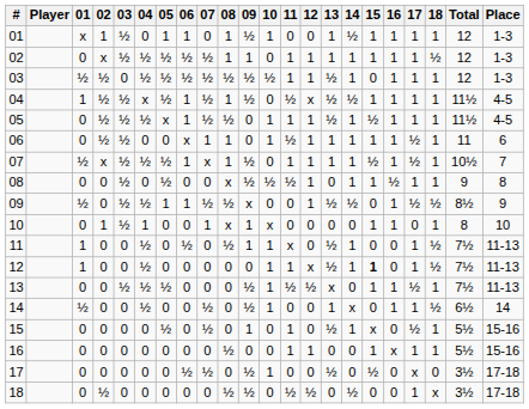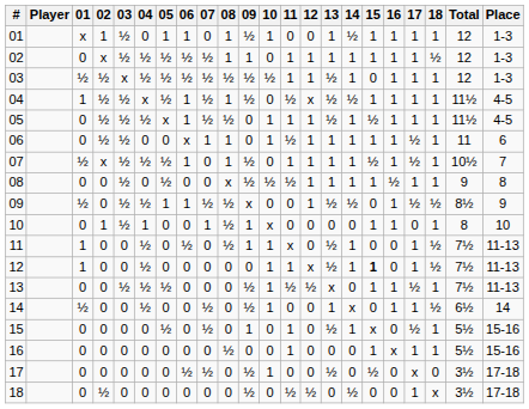 <table class="wikitable" style="text-align: center; margin: auto auto">
 <tr>
 <th>#</th>
 <th>Player</th>
 <th>01</th>
 <th>02</th>
 <th>03</th>
 <th>04</th>
 <th>05</th>
 <th>06</th>
 <th>07</th>
 <th>08</th>
 <th>09</th>
 <th>10</th>
 <th>11</th>
 <th>12</th>
 <th>13</th>
 <th>14</th>
 <th>15</th>
 <th>16</th>
 <th>17</th>
 <th>18</th>
 <th>Total</th>
 <th>Place</th>
 </tr>
 <tr>
 <td>01</td>
 <td align=left></td>
 <td>x</td>
 <td>1</td>
 <td>½</td>
 <td>0</td>
 <td>1</td>
 <td>1</td>
 <td>0</td>
 <td>1</td>
 <td>½</td>
 <td>1</td>
 <td>0</td>
 <td>0</td>
 <td>1</td>
 <td>½</td>
 <td>1</td>
 <td>1</td>
 <td>1</td>
 <td>1</td>
 <td>12</td>
 <td>1-3</td>
 </tr>
 <tr>
 <td>02</td>
 <td align=left></td>
 <td>0</td>
 <td>x</td>
 <td>½</td>
 <td>½</td>
 <td>½</td>
 <td>½</td>
 <td>½</td>
 <td>1</td>
 <td>1</td>
 <td>0</td>
 <td>1</td>
 <td>1</td>
 <td>1</td>
 <td>1</td>
 <td>1</td>
 <td>1</td>
 <td>1</td>
 <td>½</td>
 <td>12</td>
 <td>1-3</td>
 </tr>
 <tr>
 <td>03</td>
 <td align=left></td>
 <td>½</td>
 <td>½</td>
-<td>0</td>
+<td>x</td>
 <td>½</td>
 <td>½</td>
 <td>½</td>
 <td>½</td>
 <td>½</td>
 <td>½</td>
 <td>½</td>
 <td>1</td>
 <td>1</td>
 <td>½</td>
 <td>1</td>
 <td>0</td>
 <td>1</td>
 <td>1</td>
 <td>1</td>
 <td>12</td>
 <td>1-3</td>
 </tr>
 <tr>
 <td>04</td>
 <td align=left></td>
 <td>1</td>
 <td>½</td>
 <td>½</td>
 <td>x</td>
 <td>½</td>
 <td>1</td>
 <td>½</td>
 <td>1</td>
 <td>½</td>
 <td>0</td>
 <td>½</td>
 <td>x</td>
 <td>½</td>
 <td>½</td>
 <td>1</td>
 <td>1</td>
 <td>1</td>
 <td>1</td>
 <td>11½</td>
 <td>4-5</td>
 </tr>
 <tr>
 <td>05</td>
 <td align=left></td>
 <td>0</td>
 <td>½</td>
 <td>½</td>
 <td>½</td>
 <td>x</td>
 <td>1</td>
 <td>½</td>
 <td>½</td>
 <td>0</td>
 <td>1</td>
 <td>1</td>
 <td>1</td>
 <td>½</td>
 <td>1</td>
 <td>½</td>
 <td>1</td>
 <td>1</td>
 <td>1</td>
 <td>11½</td>
 <td>4-5</td>
 </tr>
 <tr>
 <td>06</td>
 <td align=left></td>
 <td>0</td>
 <td>½</td>
 <td>½</td>
 <td>0</td>
 <td>0</td>
 <td>x</td>
 <td>1</td>
 <td>1</td>
 <td>0</td>
 <td>1</td>
 <td>½</td>
 <td>1</td>
 <td>1</td>
 <td>1</td>
 <td>1</td>
 <td>1</td>
 <td>½</td>
 <td>1</td>
 <td>11</td>
 <td>6</td>
 </tr>
 <tr>
 <td>07</td>
 <td align=left></td>
 <td>½</td>
 <td>x</td>
 <td>½</td>
 <td>½</td>
 <td>½</td>
 <td>1</td>
-<td>x</td>
+<td>0</td>
 <td>1</td>
 <td>½</td>
 <td>0</td>
 <td>1</td>
 <td>1</td>
 <td>1</td>
 <td>1</td>
 <td>½</td>
 <td>1</td>
 <td>½</td>
 <td>1</td>
 <td>10½</td>
 <td>7</td>
 </tr>
 <tr>
 <td>08</td>
 <td align=left></td>
 <td>0</td>
 <td>0</td>
 <td>½</td>
 <td>0</td>
 <td>½</td>
 <td>0</td>
 <td>0</td>
 <td>x</td>
 <td>½</td>
 <td>½</td>
 <td>½</td>
 <td>1</td>
-<td>0</td>
+<td>1</td>
 <td>1</td>
 <td>1</td>
 <td>½</td>
 <td>1</td>
 <td>1</td>
 <td>9</td>
 <td>8</td>
 </tr>
 <tr>
 <td>09</td>
 <td align=left></td>
 <td>½</td>
 <td>0</td>
 <td>½</td>
 <td>½</td>
 <td>1</td>
 <td>1</td>
 <td>½</td>
 <td>½</td>
 <td>x</td>
 <td>0</td>
 <td>0</td>
 <td>1</td>
 <td>½</td>
 <td>½</td>
 <td>0</td>
 <td>1</td>
 <td>½</td>
 <td>½</td>
 <td>8½</td>
 <td>9</td>
 </tr>
 <tr>
 <td>10</td>
 <td align=left></td>
 <td>0</td>
 <td>1</td>
 <td>½</td>
 <td>1</td>
 <td>0</td>
 <td>0</td>
 <td>1</td>
-<td>x</td>
+<td>½</td>
 <td>1</td>
 <td>x</td>
 <td>0</td>
 <td>0</td>
 <td>0</td>
 <td>0</td>
 <td>1</td>
 <td>1</td>
 <td>0</td>
 <td>1</td>
 <td>8</td>
 <td>10</td>
 </tr>
 <tr>
 <td>11</td>
 <td align=left></td>
 <td>1</td>
 <td>0</td>
 <td>0</td>
 <td>½</td>
 <td>0</td>
 <td>½</td>
 <td>0</td>
 <td>½</td>
 <td>1</td>
 <td>1</td>
 <td>x</td>
 <td>0</td>
 <td>½</td>
 <td>1</td>
 <td>0</td>
 <td>0</td>
 <td>1</td>
 <td>½</td>
 <td>7½</td>
 <td>11-13</td>
 </tr>
 <tr>
 <td>12</td>
 <td align=left></td>
 <td>1</td>
 <td>0</td>
 <td>0</td>
 <td>½</td>
 <td>0</td>
 <td>0</td>
 <td>0</td>
 <td>0</td>
 <td>0</td>
 <td>1</td>
 <td>1</td>
 <td>x</td>
 <td>½</td>
 <td>1</td>
 <td><strong>1</strong></td>
 <td>0</td>
 <td>1</td>
 <td>½</td>
 <td>7½</td>
 <td>11-13</td>
 </tr>
 <tr>
 <td>13</td>
 <td align=left></td>
 <td>0</td>
 <td>0</td>
 <td>½</td>
 <td>½</td>
 <td>½</td>
 <td>0</td>
 <td>0</td>
 <td>0</td>
 <td>½</td>
 <td>1</td>
 <td>½</td>
 <td>½</td>
 <td>x</td>
 <td>0</td>
 <td>1</td>
 <td>1</td>
 <td>½</td>
 <td>1</td>
 <td>7½</td>
 <td>11-13</td>
 </tr>
 <tr>
 <td>14</td>
 <td align=left></td>
 <td>½</td>
 <td>0</td>
 <td>0</td>
 <td>½</td>
 <td>0</td>
 <td>0</td>
 <td>½</td>
 <td>0</td>
 <td>½</td>
 <td>1</td>
 <td>0</td>
 <td>0</td>
 <td>1</td>
 <td>x</td>
 <td>0</td>
 <td>1</td>
 <td>1</td>
 <td>½</td>
 <td>6½</td>
 <td>14</td>
 </tr>
 <tr>
 <td>15</td>
 <td align=left></td>
 <td>0</td>
 <td>0</td>
 <td>0</td>
 <td>0</td>
 <td>½</td>
 <td>0</td>
 <td>½</td>
 <td>0</td>
 <td>1</td>
 <td>0</td>
 <td>1</td>
 <td>0</td>
 <td>½</td>
 <td>1</td>
 <td>x</td>
 <td>0</td>
 <td>½</td>
 <td>1</td>
 <td>5½</td>
 <td>15-16</td>
 </tr>
 <tr>
 <td>16</td>
 <td align=left></td>
 <td>0</td>
 <td>0</td>
 <td>0</td>
 <td>0</td>
 <td>0</td>
 <td>0</td>
 <td>0</td>
 <td>½</td>
 <td>0</td>
 <td>0</td>
 <td>1</td>
-<td>1</td>
+<td>0</td>
 <td>0</td>
 <td>0</td>
 <td>1</td>
 <td>x</td>
 <td>1</td>
 <td>1</td>
 <td>5½</td>
 <td>15-16</td>
 </tr>
 <tr>
 <td>17</td>
 <td align=left></td>
 <td>0</td>
 <td>0</td>
 <td>0</td>
 <td>0</td>
 <td>0</td>
 <td>½</td>
 <td>½</td>
 <td>0</td>
 <td>½</td>
 <td>1</td>
 <td>0</td>
 <td>0</td>
 <td>½</td>
 <td>0</td>
 <td>½</td>
 <td>0</td>
 <td>x</td>
 <td>0</td>
 <td>3½</td>
 <td>17-18</td>
 </tr>
 <tr>
 <td>18</td>
 <td align=left></td>
 <td>0</td>
 <td>½</td>
 <td>0</td>
 <td>0</td>
 <td>0</td>
 <td>0</td>
 <td>0</td>
-<td>½</td>
+<td>0</td>
 <td>½</td>
 <td>0</td>
 <td>½</td>
 <td>½</td>
 <td>0</td>
 <td>½</td>
 <td>0</td>
 <td>0</td>
 <td>1</td>
 <td>x</td>
 <td>3½</td>
 <td>17-18</td>
 </tr>
 </table>
